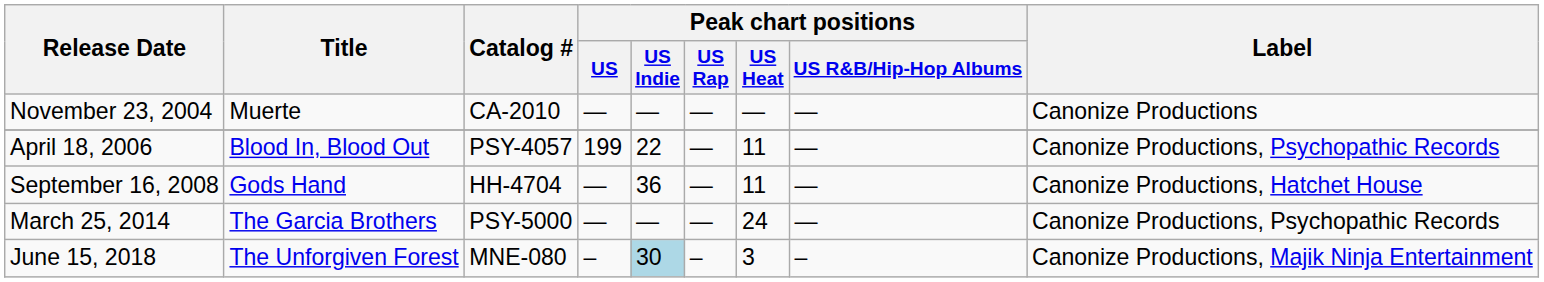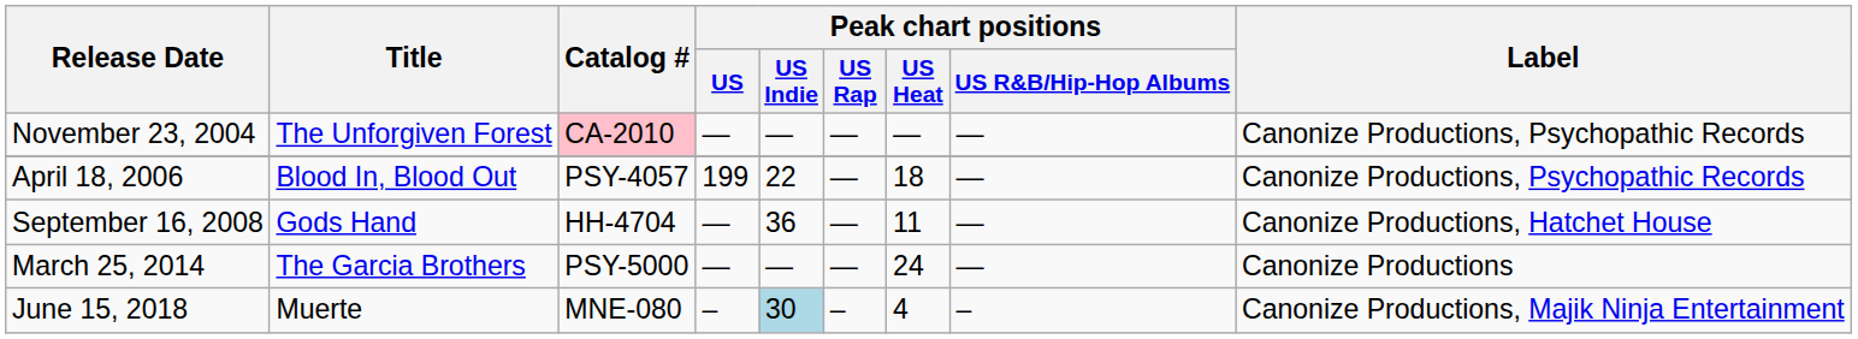 <table class="wikitable">
 <tr>
 <th rowspan="2">Release Date</th>
 <th rowspan="2">Title</th>
 <th rowspan="2">Catalog #</th>
 <th colspan="5">Peak chart positions</th>
 <th rowspan="2">Label</th>
 </tr>
 <tr style="font-size:smaller;">
 <th style="width:30px;"><a href='#'>US</a></th>
 <th style="width:30px;"><a href='#'>US Indie</a></th>
 <th style="width:30px;"><a href='#'>US Rap</a></th>
 <th style="width:30px;"><a href='#'>US Heat</a></th>
 <th style="sidth:30px;"><a href='#'>US R&B/Hip-Hop Albums</a></th>
 </tr>
 <tr>
 <td>November 23, 2004</td>
-<td>Muerte</td>
-<td>CA-2010</td>
+<td><a href='#'>The Unforgiven Forest</a></td>
+<td style="background: pink;">CA-2010</td>
 <td>—</td>
 <td>—</td>
 <td>—</td>
 <td>—</td>
 <td>—</td>
-<td>Canonize Productions</td>
+<td>Canonize Productions, Psychopathic Records</td>
 </tr>
 <tr>
 </tr>
 <tr>
 <td>April 18, 2006</td>
 <td><a href='#'>Blood In, Blood Out</a></td>
 <td>PSY-4057</td>
 <td>199</td>
 <td>22</td>
 <td>—</td>
-<td>11</td>
+<td>18</td>
 <td>—</td>
 <td>Canonize Productions, <a href='#'>Psychopathic Records</a></td>
 </tr>
 <tr>
 <td>September 16, 2008</td>
 <td><a href='#'>Gods Hand</a></td>
 <td>HH-4704</td>
 <td>—</td>
 <td>36</td>
 <td>—</td>
 <td>11</td>
 <td>—</td>
 <td>Canonize Productions, <a href='#'>Hatchet House</a></td>
 </tr>
 <tr>
 <td>March 25, 2014</td>
 <td><a href='#'>The Garcia Brothers</a></td>
 <td>PSY-5000</td>
 <td>—</td>
 <td>—</td>
 <td>—</td>
 <td>24</td>
 <td>—</td>
-<td>Canonize Productions, Psychopathic Records</td>
+<td>Canonize Productions</td>
 </tr>
 <tr>
 <td>June 15, 2018</td>
-<td><a href='#'>The Unforgiven Forest</a></td>
+<td>Muerte</td>
 <td>MNE-080</td>
 <td>–</td>
 <td style="background: lightblue;">30</td>
 <td>–</td>
-<td>3</td>
+<td>4</td>
 <td>–</td>
 <td>Canonize Productions, <a href='#'>Majik Ninja Entertainment</a></td>
 </tr>
 </table>
